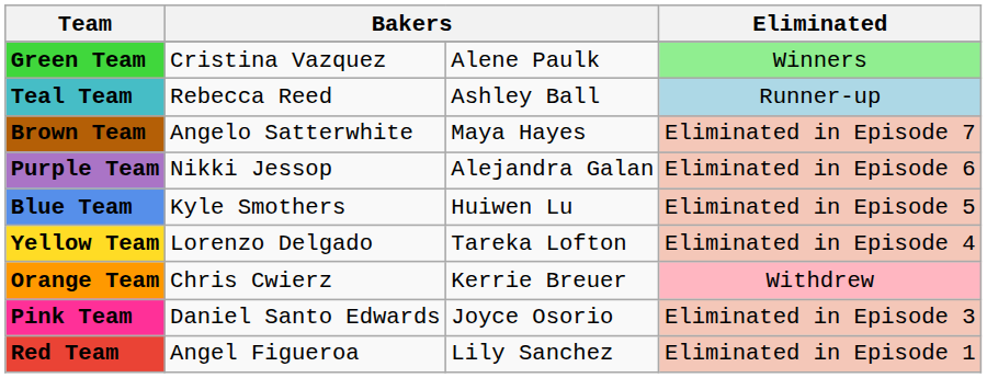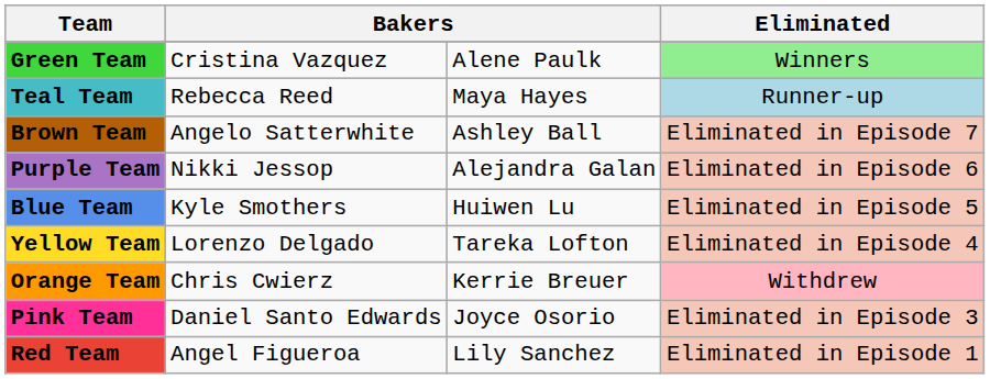 <table class="wikitable sortable">
 <tr>
 <th>Team</th>
 <th colspan="2">Bakers</th>
 <th>Eliminated</th>
 </tr>
 <tr>
 </tr>
 <tr>
 <td bgcolor="#40d73c"><strong>Green Team</strong></td>
 <td>Cristina Vazquez</td>
 <td>Alene Paulk</td>
 <td style=text-align:center bgcolor="lightgreen">Winners</td>
 </tr>
 <tr>
 <td bgcolor="#46bdc6"><strong>Teal Team</strong></td>
 <td>Rebecca Reed</td>
-<td>Ashley Ball</td>
+<td>Maya Hayes</td>
 <td style=text-align:center bgcolor="lightblue">Runner-up</td>
 </tr>
 <tr>
 <td bgcolor="#b45f06"><strong>Brown Team</strong></td>
 <td>Angelo Satterwhite</td>
-<td>Maya Hayes</td>
+<td>Ashley Ball</td>
 <td style=text-align:center bgcolor="#f4c7b8">Eliminated in Episode 7</td>
 </tr>
 <tr>
 <td bgcolor="#aa74c6"><strong>Purple Team</strong></td>
 <td>Nikki Jessop</td>
 <td>Alejandra Galan</td>
 <td style=text-align:center bgcolor="#f4c7b8">Eliminated in Episode 6</td>
 </tr>
 <tr>
 <td bgcolor="#568fea"><strong>Blue Team</strong></td>
 <td>Kyle Smothers</td>
 <td>Huiwen Lu</td>
 <td style=text-align:center bgcolor="#f4c7b8">Eliminated in Episode 5</td>
 </tr>
 <tr>
 <td bgcolor="#ffdc25"><strong>Yellow Team</strong></td>
 <td>Lorenzo Delgado</td>
 <td>Tareka Lofton</td>
 <td style=text-align:center bgcolor="#f4c7b8">Eliminated in Episode 4</td>
 </tr>
 <tr>
 <td bgcolor="#ff9900"><strong>Orange Team</strong></td>
 <td>Chris Cwierz</td>
 <td>Kerrie Breuer</td>
 <td style=text-align:center bgcolor="lightpink">Withdrew</td>
 </tr>
 <tr>
 <td bgcolor="#ff3098"><strong>Pink Team</strong></td>
 <td>Daniel Santo Edwards</td>
 <td>Joyce Osorio</td>
 <td style=text-align:center bgcolor="#f4c7b8">Eliminated in Episode 3</td>
 </tr>
 <tr>
 <td bgcolor="#ea4335"><strong>Red Team</strong></td>
 <td>Angel Figueroa</td>
 <td>Lily Sanchez</td>
 <td style=text-align:center bgcolor="#f4c7b8">Eliminated in Episode 1</td>
 </tr>
 </table>
